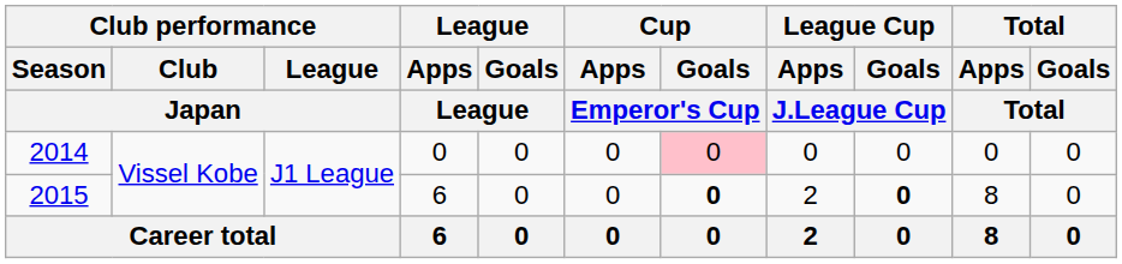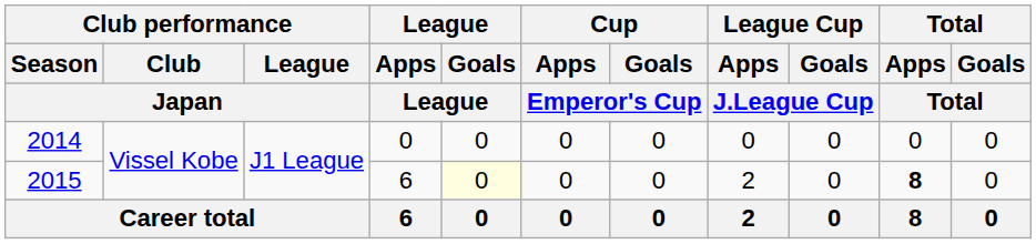 <table class="wikitable" style="text-align:center">
 <tr>
 <th colspan=3>Club performance</th>
 <th colspan=2>League</th>
 <th colspan=2>Cup</th>
 <th colspan=2>League Cup</th>
 <th colspan=2>Total</th>
 </tr>
 <tr>
 <th>Season</th>
 <th>Club</th>
 <th>League</th>
 <th>Apps</th>
 <th>Goals</th>
 <th>Apps</th>
 <th>Goals</th>
 <th>Apps</th>
 <th>Goals</th>
 <th>Apps</th>
 <th>Goals</th>
 </tr>
 <tr>
 <th colspan=3>Japan</th>
 <th colspan=2>League</th>
 <th colspan=2><a href='#'>Emperor's Cup</a></th>
 <th colspan=2><a href='#'>J.League Cup</a></th>
 <th colspan=2>Total</th>
 </tr>
 <tr>
 <td><a href='#'>2014</a></td>
 <td rowspan="2"><a href='#'>Vissel Kobe</a></td>
 <td rowspan="2"><a href='#'>J1 League</a></td>
 <td>0</td>
 <td>0</td>
 <td>0</td>
-<td style="background: pink;">0</td>
+<td>0</td>
 <td>0</td>
 <td>0</td>
 <td>0</td>
 <td>0</td>
 </tr>
 <tr>
 <td><a href='#'>2015</a></td>
 <td>6</td>
+<td style="background: lightyellow;">0</td>
 <td>0</td>
 <td>0</td>
-<td><strong>0</strong></td>
 <td>2</td>
-<td><strong>0</strong></td>
-<td>8</td>
+<td>0</td>
+<td><strong>8</strong></td>
 <td>0</td>
 </tr>
 <tr>
 <th colspan=3>Career total</th>
 <th>6</th>
 <th>0</th>
 <th>0</th>
 <th>0</th>
 <th>2</th>
 <th>0</th>
 <th>8</th>
 <th>0</th>
 </tr>
 </table>
